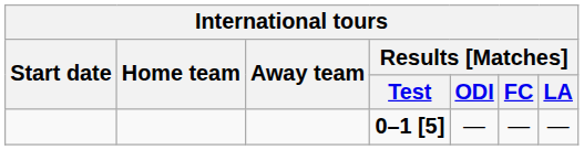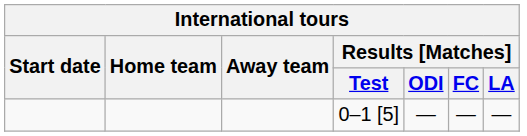 <table class="wikitable">
 <tr>
 <th colspan="7">International tours</th>
 </tr>
 <tr>
 <th rowspan="2">Start date</th>
 <th rowspan="2">Home team</th>
 <th rowspan="2">Away team</th>
 <th colspan="4">Results [Matches]</th>
 </tr>
 <tr>
 <th><a href='#'>Test</a></th>
 <th><a href='#'>ODI</a></th>
 <th><a href='#'>FC</a></th>
 <th><a href='#'>LA</a></th>
 </tr>
 <tr>
 <td><a href='#'></a></td>
 <td></td>
 <td></td>
-<td><strong>0–1 [5]</strong></td>
+<td>0–1 [5]</td>
 <td ; style="text-align:center">—</td>
 <td ; style="text-align:center">—</td>
 <td ; style="text-align:center">—</td>
 </tr>
 </table>
